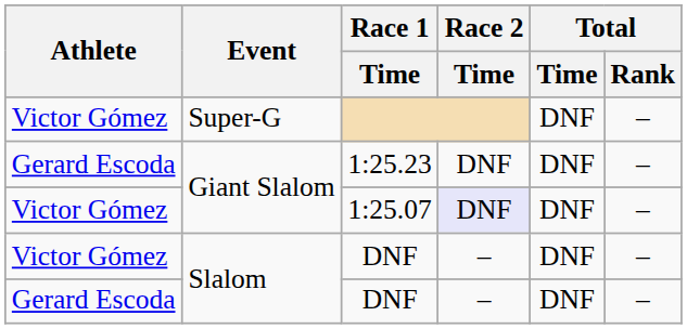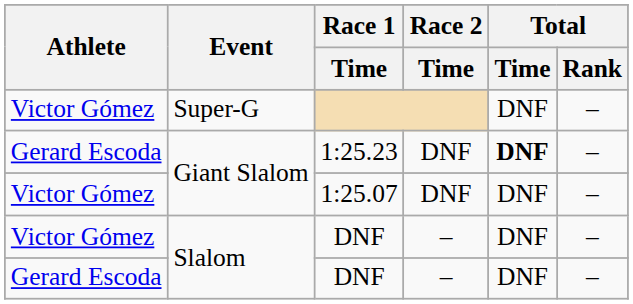 <table class="wikitable" style="font-size:90%">
 <tr>
 <th rowspan="2">Athlete</th>
 <th rowspan="2">Event</th>
 <th>Race 1</th>
 <th>Race 2</th>
 <th colspan="2">Total</th>
 </tr>
 <tr>
 <th>Time</th>
 <th>Time</th>
 <th>Time</th>
 <th>Rank</th>
 </tr>
 <tr>
 <td><a href='#'>Victor Gómez</a></td>
 <td>Super-G</td>
 <td colspan="2" bgcolor="wheat"></td>
 <td align="center">DNF</td>
 <td align="center">–</td>
 </tr>
 <tr>
 <td><a href='#'>Gerard Escoda</a></td>
 <td rowspan="2">Giant Slalom</td>
 <td align="center">1:25.23</td>
 <td align="center">DNF</td>
-<td align="center">DNF</td>
+<td align="center"><strong>DNF</strong></td>
 <td align="center">–</td>
 </tr>
 <tr>
 <td><a href='#'>Victor Gómez</a></td>
 <td align="center">1:25.07</td>
-<td align="center" style="background: lavender;">DNF</td>
+<td align="center">DNF</td>
 <td align="center">DNF</td>
 <td align="center">–</td>
 </tr>
 <tr>
 <td><a href='#'>Victor Gómez</a></td>
 <td rowspan="2">Slalom</td>
 <td align="center">DNF</td>
 <td align="center">–</td>
 <td align="center">DNF</td>
 <td align="center">–</td>
 </tr>
 <tr>
 <td><a href='#'>Gerard Escoda</a></td>
 <td align="center">DNF</td>
 <td align="center">–</td>
 <td align="center">DNF</td>
 <td align="center">–</td>
 </tr>
 </table>
